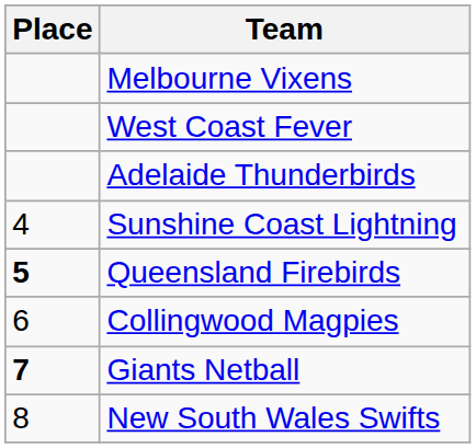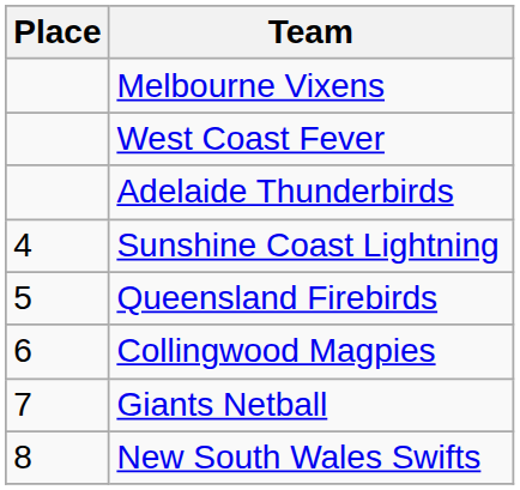 <table class=wikitable style=text-align:left>
 <tr>
 <th width=35>Place</th>
 <th width=185>Team</th>
 </tr>
 <tr>
 <td></td>
 <td style=text-align:left> <a href='#'>Melbourne Vixens</a></td>
 </tr>
 <tr>
 <td></td>
 <td style=text-align:left> <a href='#'>West Coast Fever</a></td>
 </tr>
 <tr>
 <td></td>
 <td style=text-align:left> <a href='#'>Adelaide Thunderbirds</a></td>
 </tr>
 <tr>
 <td style=text-align:left>4</td>
 <td> <a href='#'>Sunshine Coast Lightning</a></td>
 </tr>
 <tr>
-<td style=text-align:left><strong>5</strong></td>
+<td style=text-align:left>5</td>
 <td> <a href='#'>Queensland Firebirds</a></td>
 </tr>
 <tr>
 <td style=text-align:left>6</td>
 <td> <a href='#'>Collingwood Magpies</a></td>
 </tr>
 <tr>
-<td style=text-align:left><strong>7</strong></td>
+<td style=text-align:left>7</td>
 <td> <a href='#'>Giants Netball</a></td>
 </tr>
 <tr>
 <td style=text-align:left>8</td>
 <td> <a href='#'>New South Wales Swifts</a></td>
 </tr>
 </table>
